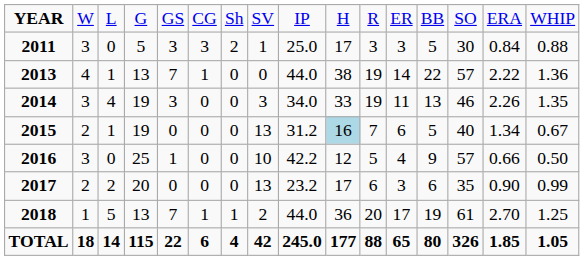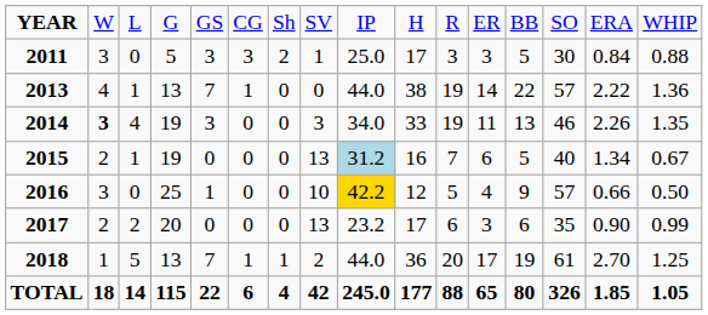 <table class="sortable wikitable" style="text-align:center;">
 <tr>
 <td><strong>YEAR</strong></td>
 <td><a href='#'>W</a></td>
 <td><a href='#'>L</a></td>
 <td><a href='#'>G</a></td>
 <td><a href='#'>GS</a></td>
 <td><a href='#'>CG</a></td>
 <td><a href='#'>Sh</a></td>
 <td><a href='#'>SV</a></td>
 <td><a href='#'>IP</a></td>
 <td><a href='#'>H</a></td>
 <td><a href='#'>R</a></td>
 <td><a href='#'>ER</a></td>
 <td><a href='#'>BB</a></td>
 <td><a href='#'>SO</a></td>
 <td><a href='#'>ERA</a></td>
 <td><a href='#'>WHIP</a></td>
 </tr>
 <tr>
 <td><strong>2011</strong></td>
 <td>3</td>
 <td>0</td>
 <td>5</td>
 <td>3</td>
 <td>3</td>
 <td>2</td>
 <td>1</td>
 <td>25.0</td>
 <td>17</td>
 <td>3</td>
 <td>3</td>
 <td>5</td>
 <td>30</td>
 <td>0.84</td>
 <td>0.88</td>
 </tr>
 <tr>
 <td><strong>2013</strong></td>
 <td>4</td>
 <td>1</td>
 <td>13</td>
 <td>7</td>
 <td>1</td>
 <td>0</td>
 <td>0</td>
 <td>44.0</td>
 <td>38</td>
 <td>19</td>
 <td>14</td>
 <td>22</td>
 <td>57</td>
 <td>2.22</td>
 <td>1.36</td>
 </tr>
 <tr>
 <td><strong>2014</strong></td>
-<td>3</td>
+<td><strong>3</strong></td>
 <td>4</td>
 <td>19</td>
 <td>3</td>
 <td>0</td>
 <td>0</td>
 <td>3</td>
 <td>34.0</td>
 <td>33</td>
 <td>19</td>
 <td>11</td>
 <td>13</td>
 <td>46</td>
 <td>2.26</td>
 <td>1.35</td>
 </tr>
 <tr>
 <td><strong>2015</strong></td>
 <td>2</td>
 <td>1</td>
 <td>19</td>
 <td>0</td>
 <td>0</td>
 <td>0</td>
 <td>13</td>
-<td>31.2</td>
-<td style="background: lightblue;">16</td>
+<td style="background: lightblue;">31.2</td>
+<td>16</td>
 <td>7</td>
 <td>6</td>
 <td>5</td>
 <td>40</td>
 <td>1.34</td>
 <td>0.67</td>
 </tr>
 <tr>
 <td><strong>2016</strong></td>
 <td>3</td>
 <td>0</td>
 <td>25</td>
 <td>1</td>
 <td>0</td>
 <td>0</td>
 <td>10</td>
-<td>42.2</td>
+<td style="background: gold;">42.2</td>
 <td>12</td>
 <td>5</td>
 <td>4</td>
 <td>9</td>
 <td>57</td>
 <td>0.66</td>
 <td>0.50</td>
 </tr>
 <tr>
 <td><strong>2017</strong></td>
 <td>2</td>
 <td>2</td>
 <td>20</td>
 <td>0</td>
 <td>0</td>
 <td>0</td>
 <td>13</td>
 <td>23.2</td>
 <td>17</td>
 <td>6</td>
 <td>3</td>
 <td>6</td>
 <td>35</td>
 <td>0.90</td>
 <td>0.99</td>
 </tr>
 <tr>
 <td><strong>2018</strong></td>
 <td>1</td>
 <td>5</td>
 <td>13</td>
 <td>7</td>
 <td>1</td>
 <td>1</td>
 <td>2</td>
 <td>44.0</td>
 <td>36</td>
 <td>20</td>
 <td>17</td>
 <td>19</td>
 <td>61</td>
 <td>2.70</td>
 <td>1.25</td>
 </tr>
 <tr>
 <td><strong>TOTAL</strong></td>
 <td><strong>18</strong></td>
 <td><strong>14</strong></td>
 <td><strong>115</strong></td>
 <td><strong>22</strong></td>
 <td><strong>6</strong></td>
 <td><strong>4</strong></td>
 <td><strong>42</strong></td>
 <td><strong>245.0</strong></td>
 <td><strong>177</strong></td>
 <td><strong>88</strong></td>
 <td><strong>65</strong></td>
 <td><strong>80</strong></td>
 <td><strong>326</strong></td>
 <td><strong>1.85</strong></td>
 <td><strong>1.05</strong></td>
 </tr>
 </table>
